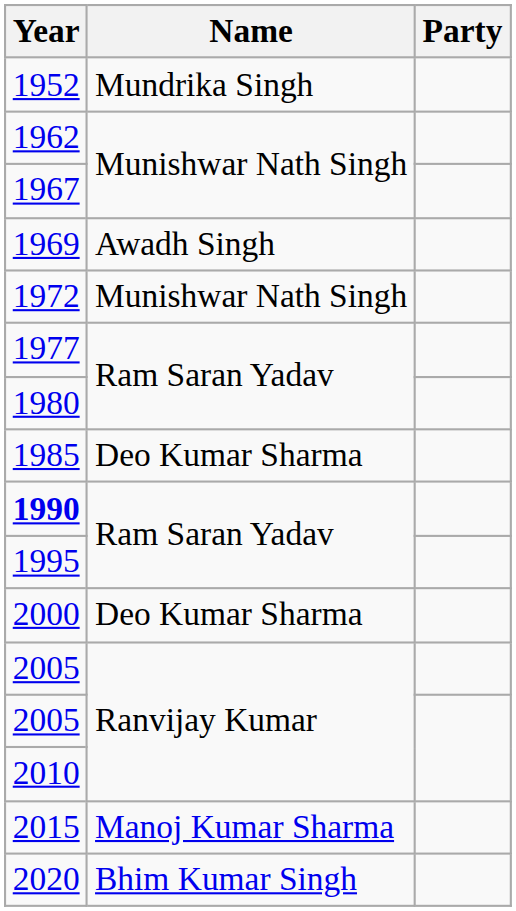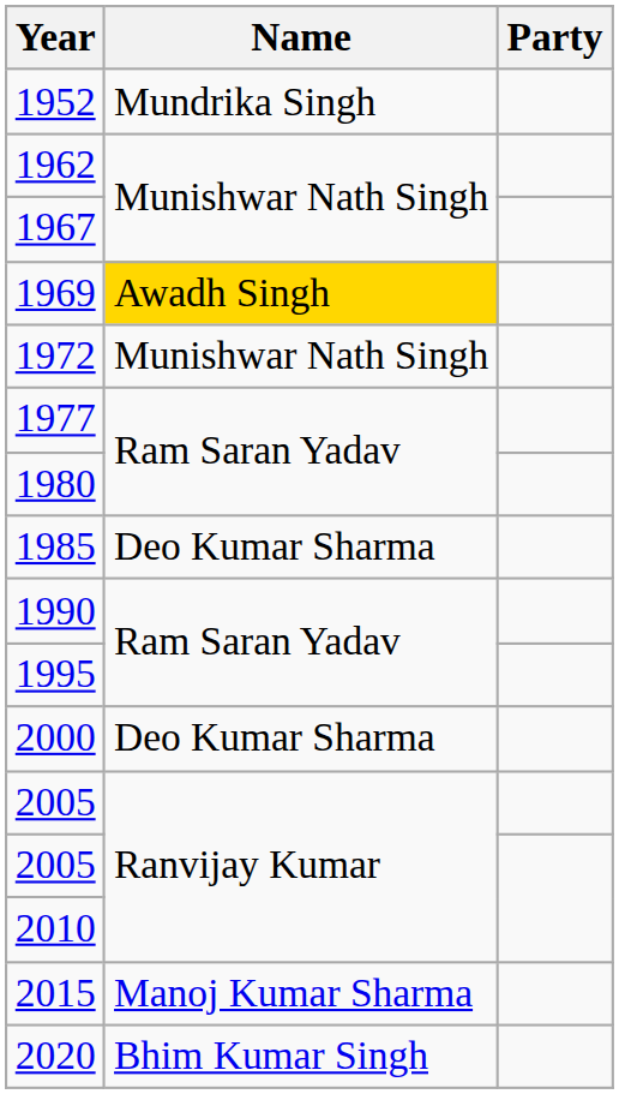 <table class="wikitable sortable">
 <tr>
 <th>Year</th>
 <th>Name</th>
 <th colspan="2">Party</th>
 </tr>
 <tr>
 <td><a href='#'>1952</a></td>
 <td>Mundrika Singh</td>
 <td></td>
 </tr>
 <tr>
 <td><a href='#'>1962</a></td>
 <td rowspan="2">Munishwar Nath Singh</td>
 <td></td>
 </tr>
 <tr>
 <td><a href='#'>1967</a></td>
 </tr>
 <tr>
 <td><a href='#'>1969</a></td>
-<td>Awadh Singh</td>
+<td style="background: gold;">Awadh Singh</td>
 <td></td>
 </tr>
 <tr>
 <td><a href='#'>1972</a></td>
 <td>Munishwar Nath Singh</td>
 <td></td>
 </tr>
 <tr>
 <td><a href='#'>1977</a></td>
 <td rowspan="2">Ram Saran Yadav</td>
 <td></td>
 </tr>
 <tr>
 <td><a href='#'>1980</a></td>
 </tr>
 <tr>
 <td><a href='#'>1985</a></td>
 <td>Deo Kumar Sharma</td>
 <td></td>
 </tr>
 <tr>
-<td><strong><a href='#'>1990</a></strong></td>
+<td><a href='#'>1990</a></td>
 <td rowspan="2">Ram Saran Yadav</td>
 <td></td>
 </tr>
 <tr>
 <td><a href='#'>1995</a></td>
 </tr>
 <tr>
 <td><a href='#'>2000</a></td>
 <td>Deo Kumar Sharma</td>
 <td></td>
 </tr>
 <tr>
 <td><a href='#'>2005</a></td>
 <td rowspan="3">Ranvijay Kumar</td>
 <td></td>
 </tr>
 <tr>
 <td><a href='#'>2005</a></td>
 </tr>
 <tr>
 <td><a href='#'>2010</a></td>
 </tr>
 <tr>
 <td><a href='#'>2015</a></td>
 <td><a href='#'>Manoj Kumar Sharma</a></td>
 <td></td>
 </tr>
 <tr>
 <td><a href='#'>2020</a></td>
 <td><a href='#'>Bhim Kumar Singh</a></td>
 <td></td>
 </tr>
 </table>
